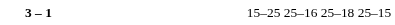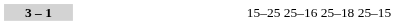 <table>
 <tr>
 <th width=200></th>
 <th width=80></th>
 <th width=200></th>
 <th width=220></th>
 </tr>
 <tr>
 <td align=right><strong></strong></td>
-<td align=center><strong>3 – 1</strong></td>
+<td align=center style="background: lightgrey;"><strong>3 – 1</strong></td>
 <td></td>
 <td>15–25 25–16 25–18 25–15</td>
 </tr>
 </table>
